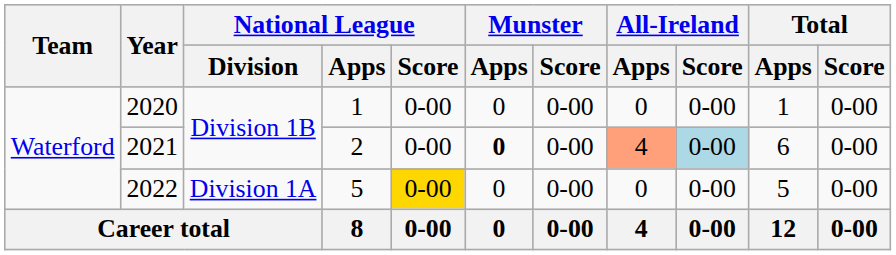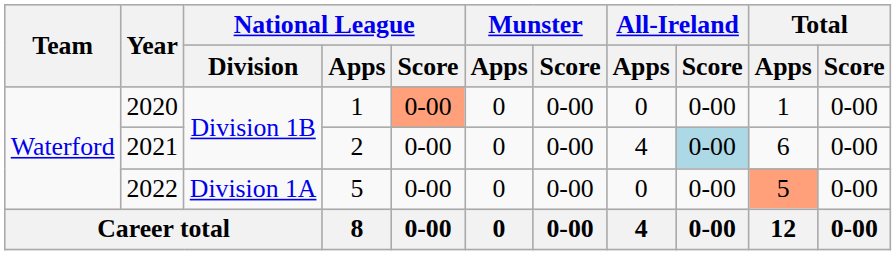 <table class="wikitable" style="text-align:center">
 <tr>
 <th rowspan="2">Team</th>
 <th rowspan="2">Year</th>
 <th colspan="3"><a href='#'>National League</a></th>
 <th colspan="2"><a href='#'>Munster</a></th>
 <th colspan="2"><a href='#'>All-Ireland</a></th>
 <th colspan="2">Total</th>
 </tr>
 <tr>
 <th>Division</th>
 <th>Apps</th>
 <th>Score</th>
 <th>Apps</th>
 <th>Score</th>
 <th>Apps</th>
 <th>Score</th>
 <th>Apps</th>
 <th>Score</th>
 </tr>
 <tr>
 <td rowspan="3"><a href='#'>Waterford</a></td>
 <td>2020</td>
 <td rowspan="2"><a href='#'>Division 1B</a></td>
 <td>1</td>
-<td>0-00</td>
+<td style="background: lightsalmon;">0-00</td>
 <td>0</td>
 <td>0-00</td>
 <td>0</td>
 <td>0-00</td>
 <td>1</td>
 <td>0-00</td>
 </tr>
 <tr>
 <td>2021</td>
 <td>2</td>
 <td>0-00</td>
-<td><strong>0</strong></td>
+<td>0</td>
 <td>0-00</td>
-<td style="background: lightsalmon;">4</td>
+<td>4</td>
 <td style="background: lightblue;">0-00</td>
 <td>6</td>
 <td>0-00</td>
 </tr>
 <tr>
 <td>2022</td>
 <td rowspan="1"><a href='#'>Division 1A</a></td>
 <td>5</td>
-<td style="background: gold;">0-00</td>
+<td>0-00</td>
 <td>0</td>
 <td>0-00</td>
 <td>0</td>
 <td>0-00</td>
-<td>5</td>
+<td style="background: lightsalmon;">5</td>
 <td>0-00</td>
 </tr>
 <tr>
 <th colspan="3">Career total</th>
 <th>8</th>
 <th>0-00</th>
 <th>0</th>
 <th>0-00</th>
 <th>4</th>
 <th>0-00</th>
 <th>12</th>
 <th>0-00</th>
 </tr>
 </table>
